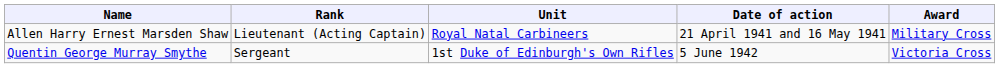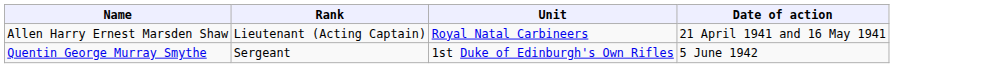 <table class="wikitable">
 <tr>
 <th style="text align: left; background: #eeefff;">Name</th>
 <th style="text align: left; background: #eeefff;">Rank</th>
 <th style="text align: left; background: #eeefff;">Unit</th>
 <th style="text align: left; background: #eeefff;">Date of action</th>
-<th style="text align: left; background: #eeefff;">Award</th>
 </tr>
 <tr>
 <td>Allen Harry Ernest Marsden Shaw</td>
 <td>Lieutenant (Acting Captain)</td>
 <td><a href='#'>Royal Natal Carbineers</a></td>
 <td>21 April 1941 and 16 May 1941</td>
-<td><a href='#'>Military Cross</a></td>
 </tr>
 <tr>
 <td><a href='#'>Quentin George Murray Smythe</a></td>
 <td>Sergeant</td>
 <td>1st <a href='#'>Duke of Edinburgh's Own Rifles</a></td>
 <td>5 June 1942</td>
-<td><a href='#'>Victoria Cross</a></td>
 </tr>
 </table>
